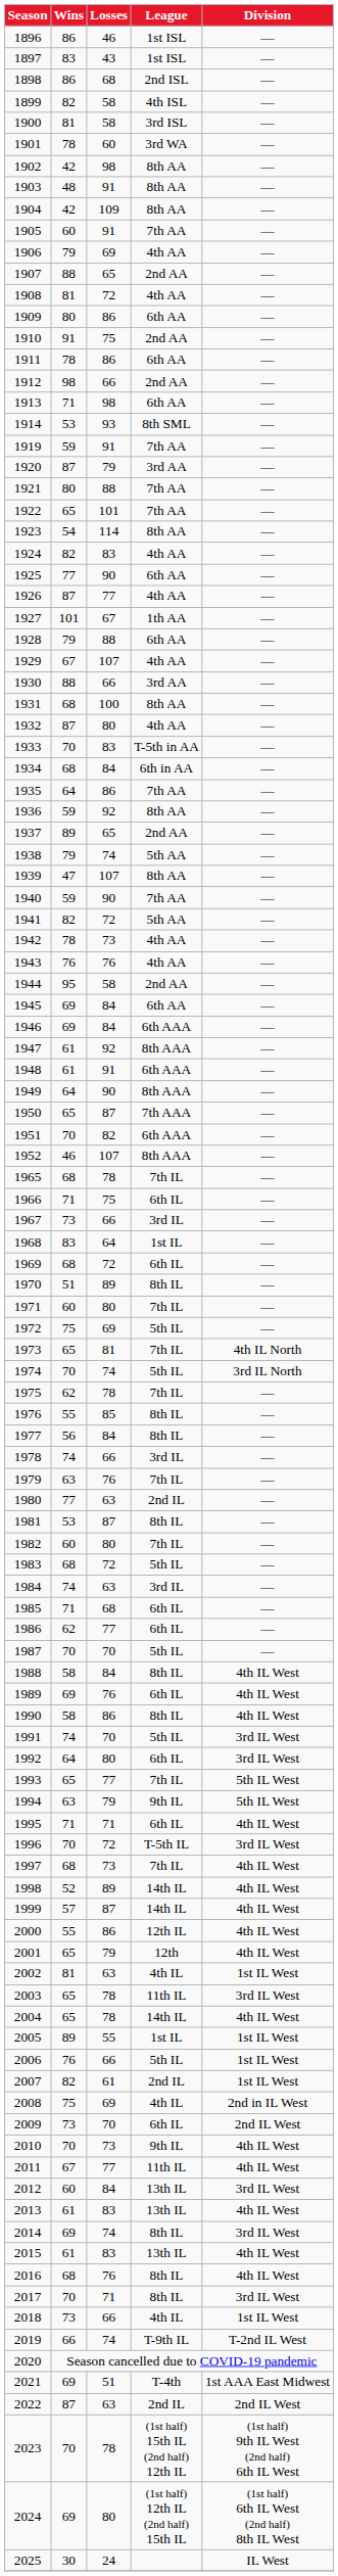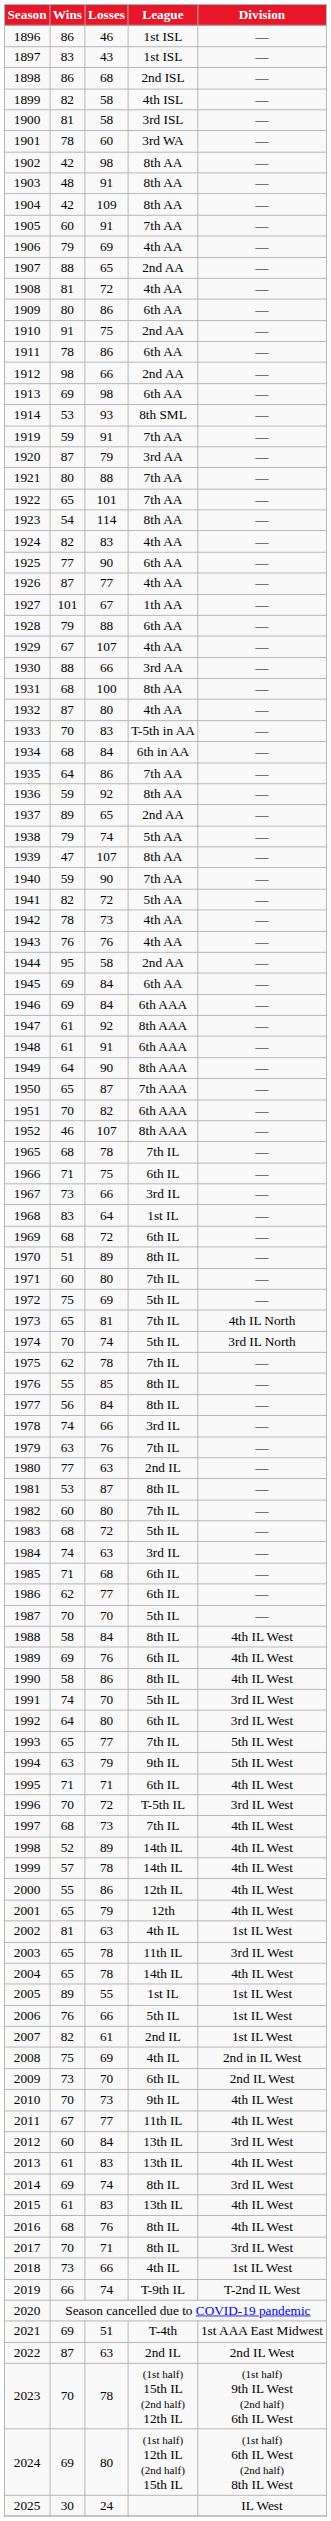 <table class="wikitable" style="text-align:center">
 <tr>
 <th scope="col" style="background:#E71629; color:#FFFFFF;">Season</th>
 <th scope="col" style="background:#E71629; color:#FFFFFF;">Wins</th>
 <th scope="col" style="background:#E71629; color:#FFFFFF;">Losses</th>
 <th scope="col" style="background:#E71629; color:#FFFFFF;">League</th>
 <th scope="col" style="background:#E71629; color:#FFFFFF;">Division</th>
 </tr>
 <tr>
 <td scope="row">1896</td>
 <td>86</td>
 <td>46</td>
 <td>1st ISL</td>
 <td>—</td>
 </tr>
 <tr>
 <td scope="row">1897</td>
 <td>83</td>
 <td>43</td>
 <td>1st ISL</td>
 <td>—</td>
 </tr>
 <tr>
 <td scope="row">1898</td>
 <td>86</td>
 <td>68</td>
 <td>2nd ISL</td>
 <td>—</td>
 </tr>
 <tr>
 <td scope="row">1899</td>
 <td>82</td>
 <td>58</td>
 <td>4th ISL</td>
 <td>—</td>
 </tr>
 <tr>
 <td scope="row">1900</td>
 <td>81</td>
 <td>58</td>
 <td>3rd ISL</td>
 <td>—</td>
 </tr>
 <tr>
 <td scope="row">1901</td>
 <td>78</td>
 <td>60</td>
 <td>3rd WA</td>
 <td>—</td>
 </tr>
 <tr>
 <td scope="row">1902</td>
 <td>42</td>
 <td>98</td>
 <td>8th AA</td>
 <td>—</td>
 </tr>
 <tr>
 <td scope="row">1903</td>
 <td>48</td>
 <td>91</td>
 <td>8th AA</td>
 <td>—</td>
 </tr>
 <tr>
 <td scope="row">1904</td>
 <td>42</td>
 <td>109</td>
 <td>8th AA</td>
 <td>—</td>
 </tr>
 <tr>
 <td scope="row">1905</td>
 <td>60</td>
 <td>91</td>
 <td>7th AA</td>
 <td>—</td>
 </tr>
 <tr>
 <td scope="row">1906</td>
 <td>79</td>
 <td>69</td>
 <td>4th AA</td>
 <td>—</td>
 </tr>
 <tr>
 <td scope="row">1907</td>
 <td>88</td>
 <td>65</td>
 <td>2nd AA</td>
 <td>—</td>
 </tr>
 <tr>
 <td scope="row">1908</td>
 <td>81</td>
 <td>72</td>
 <td>4th AA</td>
 <td>—</td>
 </tr>
 <tr>
 <td scope="row">1909</td>
 <td>80</td>
 <td>86</td>
 <td>6th AA</td>
 <td>—</td>
 </tr>
 <tr>
 <td scope="row">1910</td>
 <td>91</td>
 <td>75</td>
 <td>2nd AA</td>
 <td>—</td>
 </tr>
 <tr>
 <td scope="row">1911</td>
 <td>78</td>
 <td>86</td>
 <td>6th AA</td>
 <td>—</td>
 </tr>
 <tr>
 <td scope="row">1912</td>
 <td>98</td>
 <td>66</td>
 <td>2nd AA</td>
 <td>—</td>
 </tr>
 <tr>
 <td scope="row">1913</td>
-<td>71</td>
+<td>69</td>
 <td>98</td>
 <td>6th AA</td>
 <td>—</td>
 </tr>
 <tr>
 <td scope="row">1914</td>
 <td>53</td>
 <td>93</td>
 <td>8th SML</td>
 <td>—</td>
 </tr>
 <tr>
 <td scope="row">1919</td>
 <td>59</td>
 <td>91</td>
 <td>7th AA</td>
 <td>—</td>
 </tr>
 <tr>
 <td scope="row">1920</td>
 <td>87</td>
 <td>79</td>
 <td>3rd AA</td>
 <td>—</td>
 </tr>
 <tr>
 <td scope="row">1921</td>
 <td>80</td>
 <td>88</td>
 <td>7th AA</td>
 <td>—</td>
 </tr>
 <tr>
 <td scope="row">1922</td>
 <td>65</td>
 <td>101</td>
 <td>7th AA</td>
 <td>—</td>
 </tr>
 <tr>
 <td scope="row">1923</td>
 <td>54</td>
 <td>114</td>
 <td>8th AA</td>
 <td>—</td>
 </tr>
 <tr>
 <td scope="row">1924</td>
 <td>82</td>
 <td>83</td>
 <td>4th AA</td>
 <td>—</td>
 </tr>
 <tr>
 <td scope="row">1925</td>
 <td>77</td>
 <td>90</td>
 <td>6th AA</td>
 <td>—</td>
 </tr>
 <tr>
 <td scope="row">1926</td>
 <td>87</td>
 <td>77</td>
 <td>4th AA</td>
 <td>—</td>
 </tr>
 <tr>
 <td scope="row">1927</td>
 <td>101</td>
 <td>67</td>
 <td>1th AA</td>
 <td>—</td>
 </tr>
 <tr>
 <td scope="row">1928</td>
 <td>79</td>
 <td>88</td>
 <td>6th AA</td>
 <td>—</td>
 </tr>
 <tr>
 <td scope="row">1929</td>
 <td>67</td>
 <td>107</td>
 <td>4th AA</td>
 <td>—</td>
 </tr>
 <tr>
 <td scope="row">1930</td>
 <td>88</td>
 <td>66</td>
 <td>3rd AA</td>
 <td>—</td>
 </tr>
 <tr>
 <td scope="row">1931</td>
 <td>68</td>
 <td>100</td>
 <td>8th AA</td>
 <td>—</td>
 </tr>
 <tr>
 <td scope="row">1932</td>
 <td>87</td>
 <td>80</td>
 <td>4th AA</td>
 <td>—</td>
 </tr>
 <tr>
 <td scope="row">1933</td>
 <td>70</td>
 <td>83</td>
 <td>T-5th in AA</td>
 <td>—</td>
 </tr>
 <tr>
 <td scope="row">1934</td>
 <td>68</td>
 <td>84</td>
 <td>6th in AA</td>
 <td>—</td>
 </tr>
 <tr>
 <td scope="row">1935</td>
 <td>64</td>
 <td>86</td>
 <td>7th AA</td>
 <td>—</td>
 </tr>
 <tr>
 <td scope="row">1936</td>
 <td>59</td>
 <td>92</td>
 <td>8th AA</td>
 <td>—</td>
 </tr>
 <tr>
 <td scope="row">1937</td>
 <td>89</td>
 <td>65</td>
 <td>2nd AA</td>
 <td>—</td>
 </tr>
 <tr>
 <td scope="row">1938</td>
 <td>79</td>
 <td>74</td>
 <td>5th AA</td>
 <td>—</td>
 </tr>
 <tr>
 <td scope="row">1939</td>
 <td>47</td>
 <td>107</td>
 <td>8th AA</td>
 <td>—</td>
 </tr>
 <tr>
 <td scope="row">1940</td>
 <td>59</td>
 <td>90</td>
 <td>7th AA</td>
 <td>—</td>
 </tr>
 <tr>
 <td scope="row">1941</td>
 <td>82</td>
 <td>72</td>
 <td>5th AA</td>
 <td>—</td>
 </tr>
 <tr>
 <td scope="row">1942</td>
 <td>78</td>
 <td>73</td>
 <td>4th AA</td>
 <td>—</td>
 </tr>
 <tr>
 <td scope="row">1943</td>
 <td>76</td>
 <td>76</td>
 <td>4th AA</td>
 <td>—</td>
 </tr>
 <tr>
 <td scope="row">1944</td>
 <td>95</td>
 <td>58</td>
 <td>2nd AA</td>
 <td>—</td>
 </tr>
 <tr>
 <td scope="row">1945</td>
 <td>69</td>
 <td>84</td>
 <td>6th AA</td>
 <td>—</td>
 </tr>
 <tr>
 <td scope="row">1946</td>
 <td>69</td>
 <td>84</td>
 <td>6th AAA</td>
 <td>—</td>
 </tr>
 <tr>
 <td scope="row">1947</td>
 <td>61</td>
 <td>92</td>
 <td>8th AAA</td>
 <td>—</td>
 </tr>
 <tr>
 <td scope="row">1948</td>
 <td>61</td>
 <td>91</td>
 <td>6th AAA</td>
 <td>—</td>
 </tr>
 <tr>
 <td scope="row">1949</td>
 <td>64</td>
 <td>90</td>
 <td>8th AAA</td>
 <td>—</td>
 </tr>
 <tr>
 <td scope="row">1950</td>
 <td>65</td>
 <td>87</td>
 <td>7th AAA</td>
 <td>—</td>
 </tr>
 <tr>
 <td scope="row">1951</td>
 <td>70</td>
 <td>82</td>
 <td>6th AAA</td>
 <td>—</td>
 </tr>
 <tr>
 <td scope="row">1952</td>
 <td>46</td>
 <td>107</td>
 <td>8th AAA</td>
 <td>—</td>
 </tr>
 <tr>
 <td scope="row">1965</td>
 <td>68</td>
 <td>78</td>
 <td>7th IL</td>
 <td>—</td>
 </tr>
 <tr>
 <td scope="row">1966</td>
 <td>71</td>
 <td>75</td>
 <td>6th IL</td>
 <td>—</td>
 </tr>
 <tr>
 <td scope="row">1967</td>
 <td>73</td>
 <td>66</td>
 <td>3rd IL</td>
 <td>—</td>
 </tr>
 <tr>
 <td scope="row">1968</td>
 <td>83</td>
 <td>64</td>
 <td>1st IL</td>
 <td>—</td>
 </tr>
 <tr>
 <td scope="row">1969</td>
 <td>68</td>
 <td>72</td>
 <td>6th IL</td>
 <td>—</td>
 </tr>
 <tr>
 <td scope="row">1970</td>
 <td>51</td>
 <td>89</td>
 <td>8th IL</td>
 <td>—</td>
 </tr>
 <tr>
 <td scope="row">1971</td>
 <td>60</td>
 <td>80</td>
 <td>7th IL</td>
 <td>—</td>
 </tr>
 <tr>
 <td scope="row">1972</td>
 <td>75</td>
 <td>69</td>
 <td>5th IL</td>
 <td>—</td>
 </tr>
 <tr>
 <td scope="row">1973</td>
 <td>65</td>
 <td>81</td>
 <td>7th IL</td>
 <td>4th IL North</td>
 </tr>
 <tr>
 <td scope="row">1974</td>
 <td>70</td>
 <td>74</td>
 <td>5th IL</td>
 <td>3rd IL North</td>
 </tr>
 <tr>
 <td scope="row">1975</td>
 <td>62</td>
 <td>78</td>
 <td>7th IL</td>
 <td>—</td>
 </tr>
 <tr>
 <td scope="row">1976</td>
 <td>55</td>
 <td>85</td>
 <td>8th IL</td>
 <td>—</td>
 </tr>
 <tr>
 <td scope="row">1977</td>
 <td>56</td>
 <td>84</td>
 <td>8th IL</td>
 <td>—</td>
 </tr>
 <tr>
 <td scope="row">1978</td>
 <td>74</td>
 <td>66</td>
 <td>3rd IL</td>
 <td>—</td>
 </tr>
 <tr>
 <td scope="row">1979</td>
 <td>63</td>
 <td>76</td>
 <td>7th IL</td>
 <td>—</td>
 </tr>
 <tr>
 <td scope="row">1980</td>
 <td>77</td>
 <td>63</td>
 <td>2nd IL</td>
 <td>—</td>
 </tr>
 <tr>
 <td scope="row">1981</td>
 <td>53</td>
 <td>87</td>
 <td>8th IL</td>
 <td>—</td>
 </tr>
 <tr>
 <td scope="row">1982</td>
 <td>60</td>
 <td>80</td>
 <td>7th IL</td>
 <td>—</td>
 </tr>
 <tr>
 <td scope="row">1983</td>
 <td>68</td>
 <td>72</td>
 <td>5th IL</td>
 <td>—</td>
 </tr>
 <tr>
 <td scope="row">1984</td>
 <td>74</td>
 <td>63</td>
 <td>3rd IL</td>
 <td>—</td>
 </tr>
 <tr>
 <td scope="row">1985</td>
 <td>71</td>
 <td>68</td>
 <td>6th IL</td>
 <td>—</td>
 </tr>
 <tr>
 <td scope="row">1986</td>
 <td>62</td>
 <td>77</td>
 <td>6th IL</td>
 <td>—</td>
 </tr>
 <tr>
 <td scope="row">1987</td>
 <td>70</td>
 <td>70</td>
 <td>5th IL</td>
 <td>—</td>
 </tr>
 <tr>
 <td scope="row">1988</td>
 <td>58</td>
 <td>84</td>
 <td>8th IL</td>
 <td>4th IL West</td>
 </tr>
 <tr>
 <td scope="row">1989</td>
 <td>69</td>
 <td>76</td>
 <td>6th IL</td>
 <td>4th IL West</td>
 </tr>
 <tr>
 <td scope="row">1990</td>
 <td>58</td>
 <td>86</td>
 <td>8th IL</td>
 <td>4th IL West</td>
 </tr>
 <tr>
 <td scope="row">1991</td>
 <td>74</td>
 <td>70</td>
 <td>5th IL</td>
 <td>3rd IL West</td>
 </tr>
 <tr>
 <td scope="row">1992</td>
 <td>64</td>
 <td>80</td>
 <td>6th IL</td>
 <td>3rd IL West</td>
 </tr>
 <tr>
 <td scope="row">1993</td>
 <td>65</td>
 <td>77</td>
 <td>7th IL</td>
 <td>5th IL West</td>
 </tr>
 <tr>
 <td scope="row">1994</td>
 <td>63</td>
 <td>79</td>
 <td>9th IL</td>
 <td>5th IL West</td>
 </tr>
 <tr>
 <td scope="row">1995</td>
 <td>71</td>
 <td>71</td>
 <td>6th IL</td>
 <td>4th IL West</td>
 </tr>
 <tr>
 <td scope="row">1996</td>
 <td>70</td>
 <td>72</td>
 <td>T-5th IL</td>
 <td>3rd IL West</td>
 </tr>
 <tr>
 <td scope="row">1997</td>
 <td>68</td>
 <td>73</td>
 <td>7th IL</td>
 <td>4th IL West</td>
 </tr>
 <tr>
 <td scope="row">1998</td>
 <td>52</td>
 <td>89</td>
 <td>14th IL</td>
 <td>4th IL West</td>
 </tr>
 <tr>
 <td scope="row">1999</td>
 <td>57</td>
-<td>87</td>
+<td>78</td>
 <td>14th IL</td>
 <td>4th IL West</td>
 </tr>
 <tr>
 <td scope="row">2000</td>
 <td>55</td>
 <td>86</td>
 <td>12th IL</td>
 <td>4th IL West</td>
 </tr>
 <tr>
 <td scope="row">2001</td>
 <td>65</td>
 <td>79</td>
 <td>12th</td>
 <td>4th IL West</td>
 </tr>
 <tr>
 <td scope="row">2002</td>
 <td>81</td>
 <td>63</td>
 <td>4th IL</td>
 <td>1st IL West</td>
 </tr>
 <tr>
 <td scope="row">2003</td>
 <td>65</td>
 <td>78</td>
 <td>11th IL</td>
 <td>3rd IL West</td>
 </tr>
 <tr>
 <td scope="row">2004</td>
 <td>65</td>
 <td>78</td>
 <td>14th IL</td>
 <td>4th IL West</td>
 </tr>
 <tr>
 <td scope="row">2005</td>
 <td>89</td>
 <td>55</td>
 <td>1st IL</td>
 <td>1st IL West</td>
 </tr>
 <tr>
 <td scope="row">2006</td>
 <td>76</td>
 <td>66</td>
 <td>5th IL</td>
 <td>1st IL West</td>
 </tr>
 <tr>
 <td scope="row">2007</td>
 <td>82</td>
 <td>61</td>
 <td>2nd IL</td>
 <td>1st IL West</td>
 </tr>
 <tr>
 <td scope="row">2008</td>
 <td>75</td>
 <td>69</td>
 <td>4th IL</td>
 <td>2nd in IL West</td>
 </tr>
 <tr>
 <td scope="row">2009</td>
 <td>73</td>
 <td>70</td>
 <td>6th IL</td>
 <td>2nd IL West</td>
 </tr>
 <tr>
 <td scope="row">2010</td>
 <td>70</td>
 <td>73</td>
 <td>9th IL</td>
 <td>4th IL West</td>
 </tr>
 <tr>
 <td scope="row">2011</td>
 <td>67</td>
 <td>77</td>
 <td>11th IL</td>
 <td>4th IL West</td>
 </tr>
 <tr>
 <td scope="row">2012</td>
 <td>60</td>
 <td>84</td>
 <td>13th IL</td>
 <td>3rd IL West</td>
 </tr>
 <tr>
 <td scope="row">2013</td>
 <td>61</td>
 <td>83</td>
 <td>13th IL</td>
 <td>4th IL West</td>
 </tr>
 <tr>
 <td scope="row">2014</td>
 <td>69</td>
 <td>74</td>
 <td>8th IL</td>
 <td>3rd IL West</td>
 </tr>
 <tr>
 <td scope="row">2015</td>
 <td>61</td>
 <td>83</td>
 <td>13th IL</td>
 <td>4th IL West</td>
 </tr>
 <tr>
 <td scope="row">2016</td>
 <td>68</td>
 <td>76</td>
 <td>8th IL</td>
 <td>4th IL West</td>
 </tr>
 <tr>
 <td scope="row">2017</td>
 <td>70</td>
 <td>71</td>
 <td>8th IL</td>
 <td>3rd IL West</td>
 </tr>
 <tr>
 <td scope="row">2018</td>
 <td>73</td>
 <td>66</td>
 <td>4th IL</td>
 <td>1st IL West</td>
 </tr>
 <tr>
 <td scope="row">2019</td>
 <td>66</td>
 <td>74</td>
 <td>T-9th IL</td>
 <td>T-2nd IL West</td>
 </tr>
 <tr>
 <td scope="row">2020</td>
 <td colspan="5">Season cancelled due to <a href='#'>COVID-19 pandemic</a></td>
 </tr>
 <tr>
 <td scope="row">2021</td>
 <td>69</td>
 <td>51</td>
 <td>T-4th</td>
 <td>1st AAA East Midwest</td>
 </tr>
 <tr>
 <td scope="row">2022</td>
 <td>87</td>
 <td>63</td>
 <td>2nd IL</td>
 <td>2nd IL West</td>
 </tr>
 <tr>
 <td scope="row">2023</td>
 <td>70</td>
 <td>78</td>
 <td><small>(1st half)</small><br>15th IL<br><small>(2nd half)</small><br>12th IL</td>
 <td><small>(1st half)</small><br>9th IL West<br><small>(2nd half)</small><br>6th IL West</td>
 </tr>
 <tr>
 <td scope="row">2024</td>
 <td>69</td>
 <td>80</td>
 <td><small>(1st half)</small><br>12th IL<br><small>(2nd half)</small><br>15th IL</td>
 <td><small>(1st half)</small><br>6th IL West<br><small>(2nd half)</small><br>8th IL West</td>
 </tr>
 <tr>
 <td scope="row">2025</td>
 <td>30</td>
 <td>24</td>
 <td></td>
 <td>IL West</td>
 </tr>
 <tr>
 </tr>
 </table>
